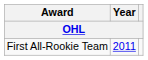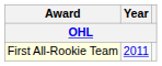 <table class="wikitable">
 <tr>
 <th>Award</th>
 <th>Year</th>
 <th></th>
 </tr>
 <tr ALIGN="center" bgcolor="#e0e0e0">
 <th colspan="3"><a href='#'>OHL</a></th>
 </tr>
 <tr>
-<td>First All-Rookie Team</td>
+<td style="background: lightyellow;">First All-Rookie Team</td>
 <td><a href='#'>2011</a></td>
 <td></td>
 </tr>
 </table>
